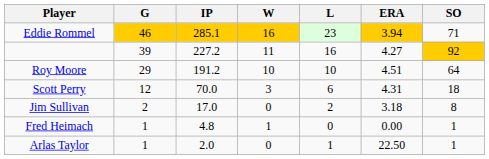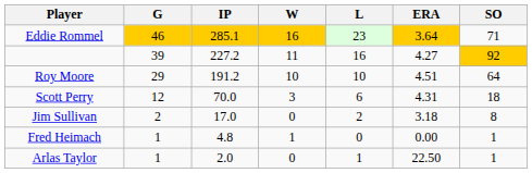 <table class="wikitable sortable">
 <tr>
 <th bgcolor="#DDDDFF" width="16%">Player</th>
 <th bgcolor="#DDDDFF" width="9%">G</th>
 <th bgcolor="#DDDDFF" width="9%">IP</th>
 <th bgcolor="#DDDDFF" width="9%">W</th>
 <th bgcolor="#DDDDFF" width="9%">L</th>
 <th bgcolor="#DDDDFF" width="9%">ERA</th>
 <th bgcolor="#DDDDFF" width="9%">SO</th>
 </tr>
 <tr align="center">
 <td><a href='#'>Eddie Rommel</a></td>
 <td style="background:#fc0;">46</td>
 <td style="background:#fc0;">285.1</td>
 <td style="background:#fc0;">16</td>
 <td style="background:#DDFFDD;">23</td>
-<td style="background:#fc0;">3.94</td>
+<td style="background:#fc0;">3.64</td>
 <td>71</td>
 </tr>
 <tr align=center>
 <td></td>
 <td>39</td>
 <td>227.2</td>
 <td>11</td>
 <td>16</td>
 <td>4.27</td>
 <td style="background:#fc0;">92</td>
 </tr>
 <tr align="center">
 <td><a href='#'>Roy Moore</a></td>
 <td>29</td>
 <td>191.2</td>
 <td>10</td>
 <td>10</td>
 <td>4.51</td>
 <td>64</td>
 </tr>
 <tr align=center>
 <td><a href='#'>Scott Perry</a></td>
 <td>12</td>
 <td>70.0</td>
 <td>3</td>
 <td>6</td>
 <td>4.31</td>
 <td>18</td>
 </tr>
 <tr align=center>
 <td><a href='#'>Jim Sullivan</a></td>
 <td>2</td>
 <td>17.0</td>
 <td>0</td>
 <td>2</td>
 <td>3.18</td>
 <td>8</td>
 </tr>
 <tr align=center>
 <td><a href='#'>Fred Heimach</a></td>
 <td>1</td>
 <td>4.8</td>
 <td>1</td>
 <td>0</td>
 <td>0.00</td>
 <td>1</td>
 </tr>
 <tr align=center>
 <td><a href='#'>Arlas Taylor</a></td>
 <td>1</td>
 <td>2.0</td>
 <td>0</td>
 <td>1</td>
 <td>22.50</td>
 <td>1</td>
 </tr>
 </table>
